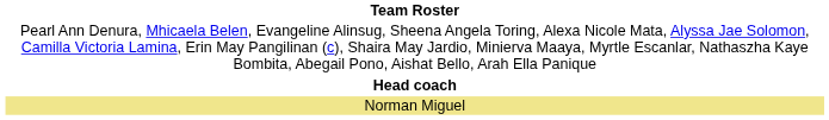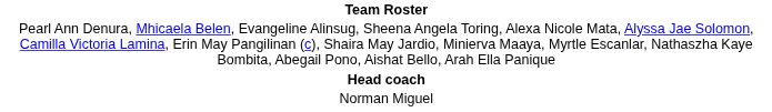 <table style="text-align:center; margin-top:2em; margin-left:auto; margin-right:auto">
 <tr>
 <td><strong>Team Roster</strong></td>
 </tr>
 <tr>
 <td>Pearl Ann Denura, <a href='#'>Mhicaela Belen</a>, Evangeline Alinsug, Sheena Angela Toring, Alexa Nicole Mata, <a href='#'>Alyssa Jae Solomon</a>, <a href='#'>Camilla Victoria Lamina</a>, Erin May Pangilinan (<a href='#'>c</a>), Shaira May Jardio, Minierva Maaya, Myrtle Escanlar, Nathaszha Kaye Bombita, Abegail Pono, Aishat Bello, Arah Ella Panique</td>
 </tr>
 <tr>
 <td><strong>Head coach</strong></td>
 </tr>
 <tr>
-<td style="background: khaki;">Norman Miguel</td>
+<td>Norman Miguel</td>
 </tr>
 </table>
